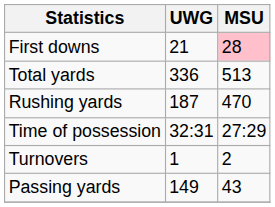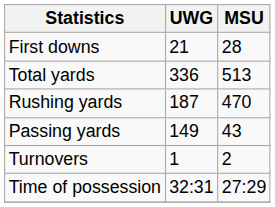 <table class="wikitable">
 <tr>
 <th>Statistics</th>
 <th>UWG</th>
 <th>MSU</th>
 </tr>
 <tr>
 <td>First downs</td>
 <td>21</td>
-<td style="background: pink;">28</td>
+<td>28</td>
 </tr>
 <tr>
 <td>Total yards</td>
 <td>336</td>
 <td>513</td>
 </tr>
 <tr>
 <td>Rushing yards</td>
 <td>187</td>
 <td>470</td>
 </tr>
 <tr>
-<td>Time of possession</td>
-<td>32:31</td>
-<td>27:29</td>
+<td>Passing yards</td>
+<td>149</td>
+<td>43</td>
 </tr>
 <tr>
 <td>Turnovers</td>
 <td>1</td>
 <td>2</td>
 </tr>
 <tr>
-<td>Passing yards</td>
-<td>149</td>
-<td>43</td>
+<td>Time of possession</td>
+<td>32:31</td>
+<td>27:29</td>
 </tr>
 <tr>
 </tr>
 </table>
